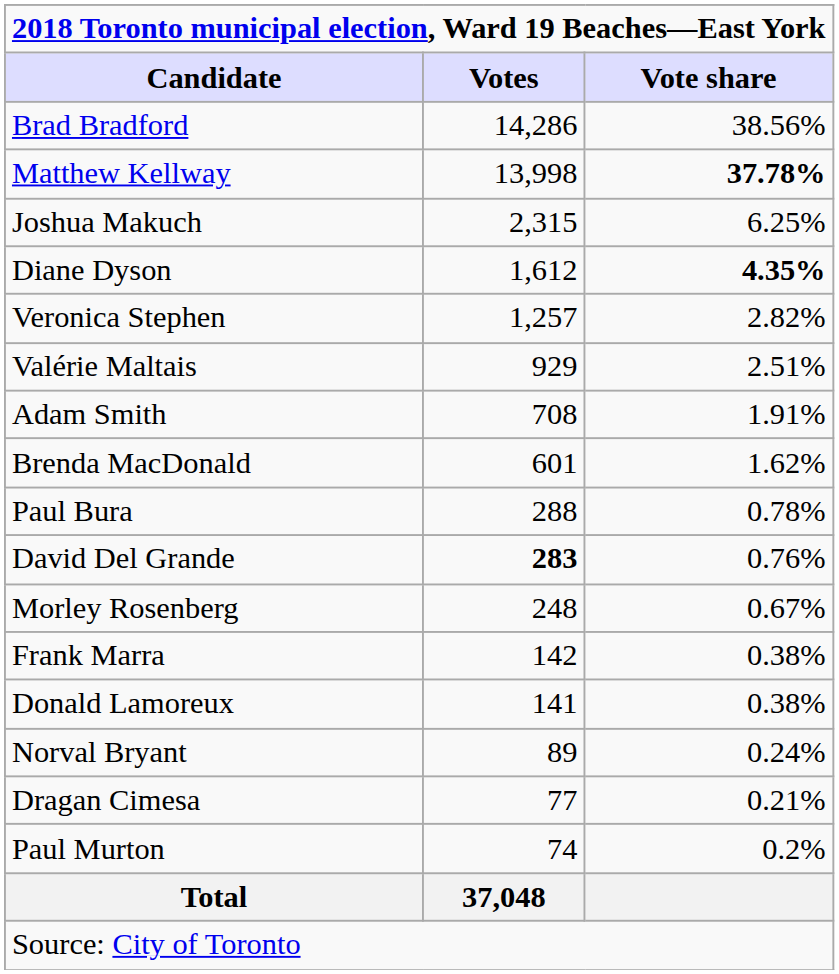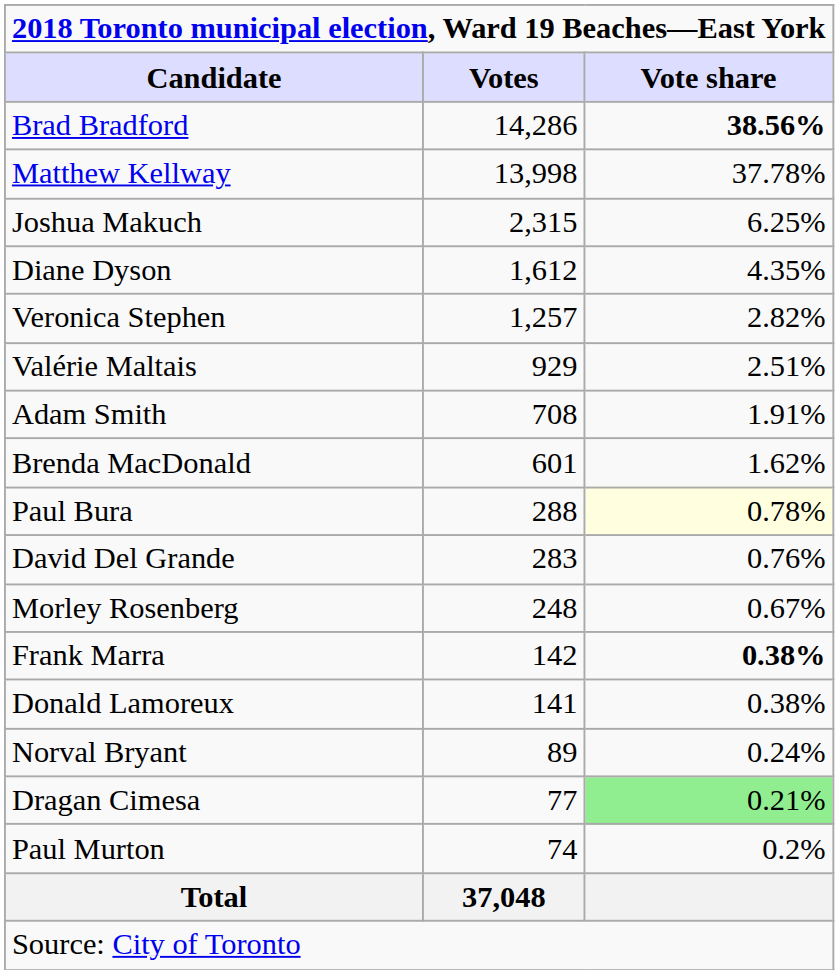 <table class="wikitable plainrowheaders">
 <tr>
 <td colspan="3"><strong><a href='#'>2018 Toronto municipal election</a>, Ward 19 Beaches—East York</strong></td>
 </tr>
 <tr>
 <th scope="col" style="background:#ddf;">Candidate</th>
 <th scope="col" style="background:#ddf;">Votes</th>
 <th scope="col" style="background:#ddf;">Vote share</th>
 </tr>
 <tr>
 <td scope="row"><a href='#'>Brad Bradford</a></td>
 <td align="right">14,286</td>
-<td align="right">38.56%</td>
+<td align="right"><strong>38.56%</strong></td>
 </tr>
 <tr>
 <td scope="row"><a href='#'>Matthew Kellway</a></td>
 <td align="right">13,998</td>
-<td align="right"><strong>37.78%</strong></td>
+<td align="right">37.78%</td>
 </tr>
 <tr>
 <td scope="row">Joshua Makuch</td>
 <td align="right">2,315</td>
 <td align="right">6.25%</td>
 </tr>
 <tr>
 <td scope="row">Diane Dyson</td>
 <td align="right">1,612</td>
-<td align="right"><strong>4.35%</strong></td>
+<td align="right">4.35%</td>
 </tr>
 <tr>
 <td scope="row">Veronica Stephen</td>
 <td align="right">1,257</td>
 <td align="right">2.82%</td>
 </tr>
 <tr>
 <td>Valérie Maltais</td>
 <td align="right">929</td>
 <td align="right">2.51%</td>
 </tr>
 <tr>
 <td>Adam Smith</td>
 <td align="right">708</td>
 <td align="right">1.91%</td>
 </tr>
 <tr>
 <td>Brenda MacDonald</td>
 <td align="right">601</td>
 <td align="right">1.62%</td>
 </tr>
 <tr>
 <td>Paul Bura</td>
 <td align="right">288</td>
-<td align="right">0.78%</td>
+<td align="right" style="background: lightyellow;">0.78%</td>
 </tr>
 <tr>
 <td>David Del Grande</td>
-<td align="right"><strong>283</strong></td>
+<td align="right">283</td>
 <td align="right">0.76%</td>
 </tr>
 <tr>
 <td>Morley Rosenberg</td>
 <td align="right">248</td>
 <td align="right">0.67%</td>
 </tr>
 <tr>
 <td>Frank Marra</td>
 <td align="right">142</td>
-<td align="right">0.38%</td>
+<td align="right"><strong>0.38%</strong></td>
 </tr>
 <tr>
 <td>Donald Lamoreux</td>
 <td align="right">141</td>
 <td align="right">0.38%</td>
 </tr>
 <tr>
 <td>Norval Bryant</td>
 <td align="right">89</td>
 <td align="right">0.24%</td>
 </tr>
 <tr>
 <td>Dragan Cimesa</td>
 <td align="right">77</td>
-<td align="right">0.21%</td>
+<td align="right" style="background: lightgreen;">0.21%</td>
 </tr>
 <tr>
 <td>Paul Murton</td>
 <td align="right">74</td>
 <td align="right">0.2%</td>
 </tr>
 <tr>
 <th scope="row"><strong>Total</strong></th>
 <th align="right">37,048</th>
 <th align="right"></th>
 </tr>
 <tr>
 <td colspan="3">Source: <a href='#'>City of Toronto</a></td>
 </tr>
 </table>
